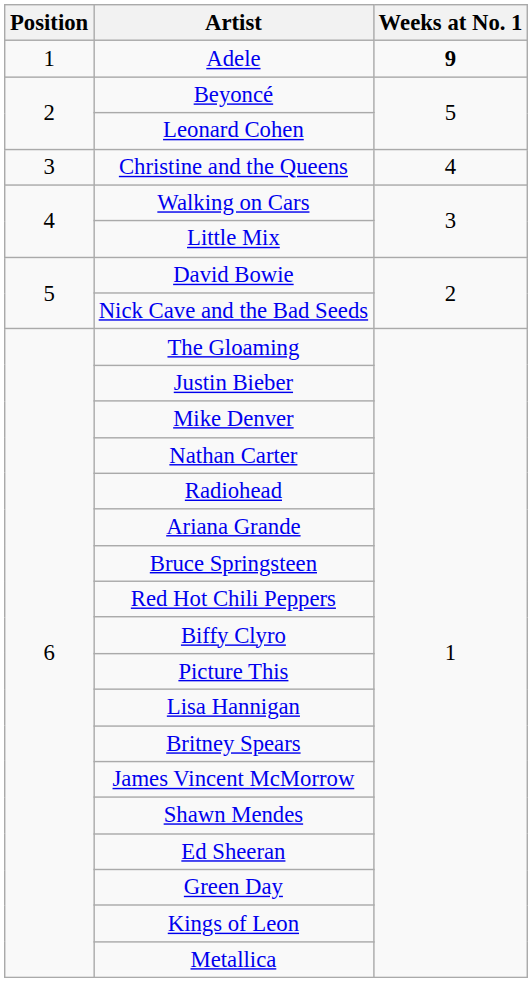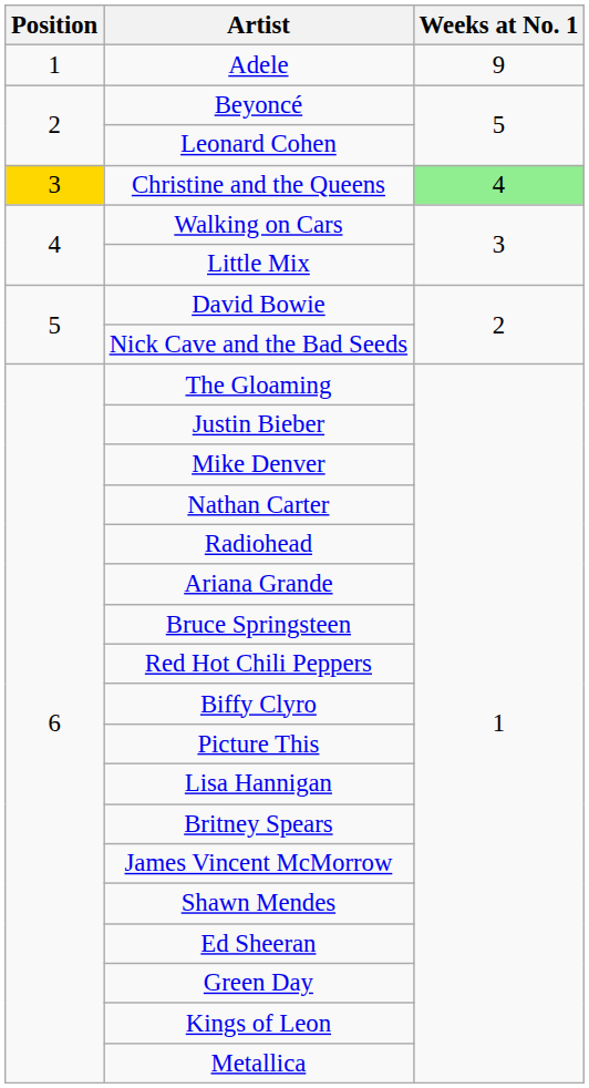 <table class="wikitable">
 <tr>
 <th style="text-align: center;">Position</th>
 <th style="text-align: center;">Artist</th>
 <th style="text-align: center;">Weeks at No. 1</th>
 </tr>
 <tr>
 <td style="text-align: center;">1</td>
 <td style="text-align: center;"><a href='#'>Adele</a></td>
-<td style="text-align: center;"><strong>9</strong></td>
+<td style="text-align: center;">9</td>
 </tr>
 <tr>
 <td style="text-align: center;" rowspan=2>2</td>
 <td style="text-align: center;"><a href='#'>Beyoncé</a></td>
 <td style="text-align: center;" rowspan=2>5</td>
 </tr>
 <tr>
 <td style="text-align: center;"><a href='#'>Leonard Cohen</a></td>
 </tr>
 <tr>
-<td style="text-align: center;">3</td>
+<td style="background: gold; text-align: center;">3</td>
 <td style="text-align: center;"><a href='#'>Christine and the Queens</a></td>
-<td style="text-align: center;">4</td>
+<td style="background: lightgreen; text-align: center;">4</td>
 </tr>
 <tr>
 <td style="text-align: center;" rowspan=2>4</td>
 <td style="text-align: center;"><a href='#'>Walking on Cars</a></td>
 <td style="text-align: center;" rowspan=2>3</td>
 </tr>
 <tr>
 <td style="text-align: center;"><a href='#'>Little Mix</a></td>
 </tr>
 <tr>
 <td style="text-align: center;" rowspan=2>5</td>
 <td style="text-align: center;"><a href='#'>David Bowie</a></td>
 <td style="text-align: center;" rowspan=2>2</td>
 </tr>
 <tr>
 <td style="text-align: center;"><a href='#'>Nick Cave and the Bad Seeds</a></td>
 </tr>
 <tr>
 <td style="text-align: center;" rowspan=18>6</td>
 <td style="text-align: center;"><a href='#'>The Gloaming</a></td>
 <td style="text-align: center;" rowspan=18>1</td>
 </tr>
 <tr>
 <td style="text-align: center;"><a href='#'>Justin Bieber</a></td>
 </tr>
 <tr>
 <td style="text-align: center;"><a href='#'>Mike Denver</a></td>
 </tr>
 <tr>
 <td style="text-align: center;"><a href='#'>Nathan Carter</a></td>
 </tr>
 <tr>
 <td style="text-align: center;"><a href='#'>Radiohead</a></td>
 </tr>
 <tr>
 <td style="text-align: center;"><a href='#'>Ariana Grande</a></td>
 </tr>
 <tr>
 <td style="text-align: center;"><a href='#'>Bruce Springsteen</a></td>
 </tr>
 <tr>
 <td style="text-align: center;"><a href='#'>Red Hot Chili Peppers</a></td>
 </tr>
 <tr>
 <td style="text-align: center;"><a href='#'>Biffy Clyro</a></td>
 </tr>
 <tr>
 <td style="text-align: center;"><a href='#'>Picture This</a></td>
 </tr>
 <tr>
 <td style="text-align: center;"><a href='#'>Lisa Hannigan</a></td>
 </tr>
 <tr>
 <td style="text-align: center;"><a href='#'>Britney Spears</a></td>
 </tr>
 <tr>
 <td style="text-align: center;"><a href='#'>James Vincent McMorrow</a></td>
 </tr>
 <tr>
 <td style="text-align: center;"><a href='#'>Shawn Mendes</a></td>
 </tr>
 <tr>
 <td style="text-align: center;"><a href='#'>Ed Sheeran</a></td>
 </tr>
 <tr>
 <td style="text-align: center;"><a href='#'>Green Day</a></td>
 </tr>
 <tr>
 <td style="text-align: center;"><a href='#'>Kings of Leon</a></td>
 </tr>
 <tr>
 <td style="text-align: center;"><a href='#'>Metallica</a></td>
 </tr>
 </table>
